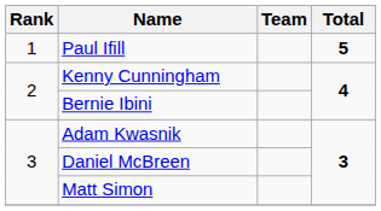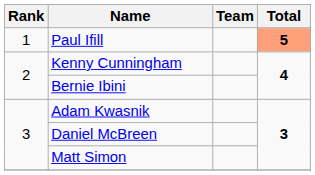 <table class="wikitable" style="text-align:center;">
 <tr>
 <th width=30>Rank</th>
 <th width=170>Name</th>
 <th width=40>Team</th>
 <th width=50>Total</th>
 </tr>
 <tr>
 <td>1</td>
 <td align=left> <a href='#'>Paul Ifill</a></td>
 <td></td>
-<td><strong>5</strong></td>
+<td style="background: lightsalmon;"><strong>5</strong></td>
 </tr>
 <tr>
 <td rowspan=2>2</td>
 <td align=left> <a href='#'>Kenny Cunningham</a></td>
 <td></td>
 <td rowspan=2><strong>4</strong></td>
 </tr>
 <tr>
 <td align=left> <a href='#'>Bernie Ibini</a></td>
 <td></td>
 </tr>
 <tr>
 <td rowspan=3>3</td>
 <td align=left> <a href='#'>Adam Kwasnik</a></td>
 <td></td>
 <td rowspan=3><strong>3</strong></td>
 </tr>
 <tr>
 <td align=left> <a href='#'>Daniel McBreen</a></td>
 <td></td>
 </tr>
 <tr>
 <td align=left> <a href='#'>Matt Simon</a></td>
 <td></td>
 </tr>
 <tr>
 </tr>
 </table>
